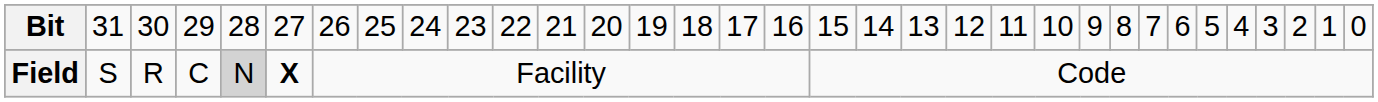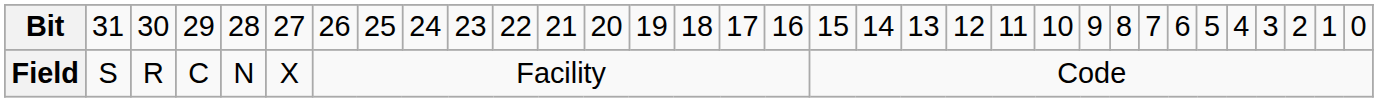 <table class="wikitable" style="text-align: center;">
 <tr style="vertical-align: bottom;">
 <th>Bit</th>
 <td>31</td>
 <td>30</td>
 <td>29</td>
 <td>28</td>
 <td>27</td>
 <td>26</td>
 <td>25</td>
 <td>24</td>
 <td>23</td>
 <td>22</td>
 <td>21</td>
 <td>20</td>
 <td>19</td>
 <td>18</td>
 <td>17</td>
 <td>16</td>
 <td>15</td>
 <td>14</td>
 <td>13</td>
 <td>12</td>
 <td>11</td>
 <td>10</td>
 <td>9</td>
 <td>8</td>
 <td>7</td>
 <td>6</td>
 <td>5</td>
 <td>4</td>
 <td>3</td>
 <td>2</td>
 <td>1</td>
 <td>0</td>
 </tr>
 <tr>
 <th>Field</th>
 <td>S</td>
 <td>R</td>
 <td>C</td>
-<td style="background: lightgrey;">N</td>
-<td><strong>X</strong></td>
+<td>N</td>
+<td>X</td>
 <td colspan="11">Facility</td>
 <td colspan="16">Code</td>
 </tr>
 </table>
